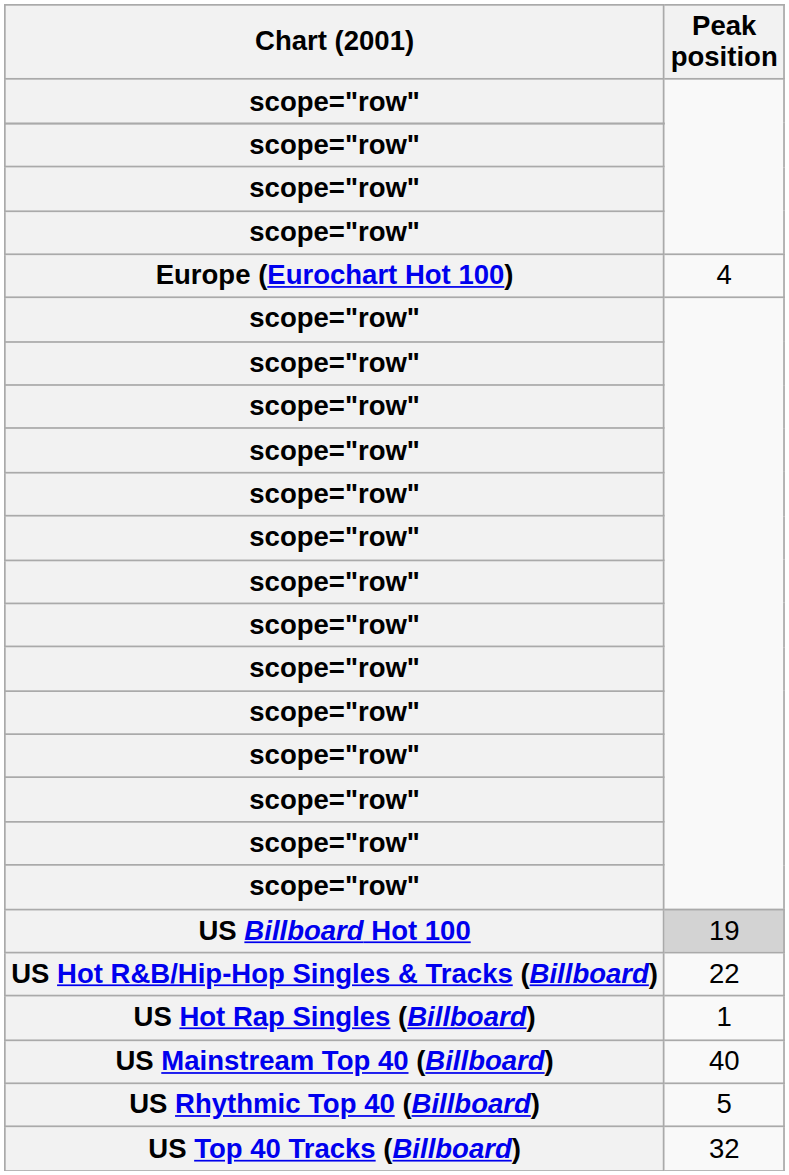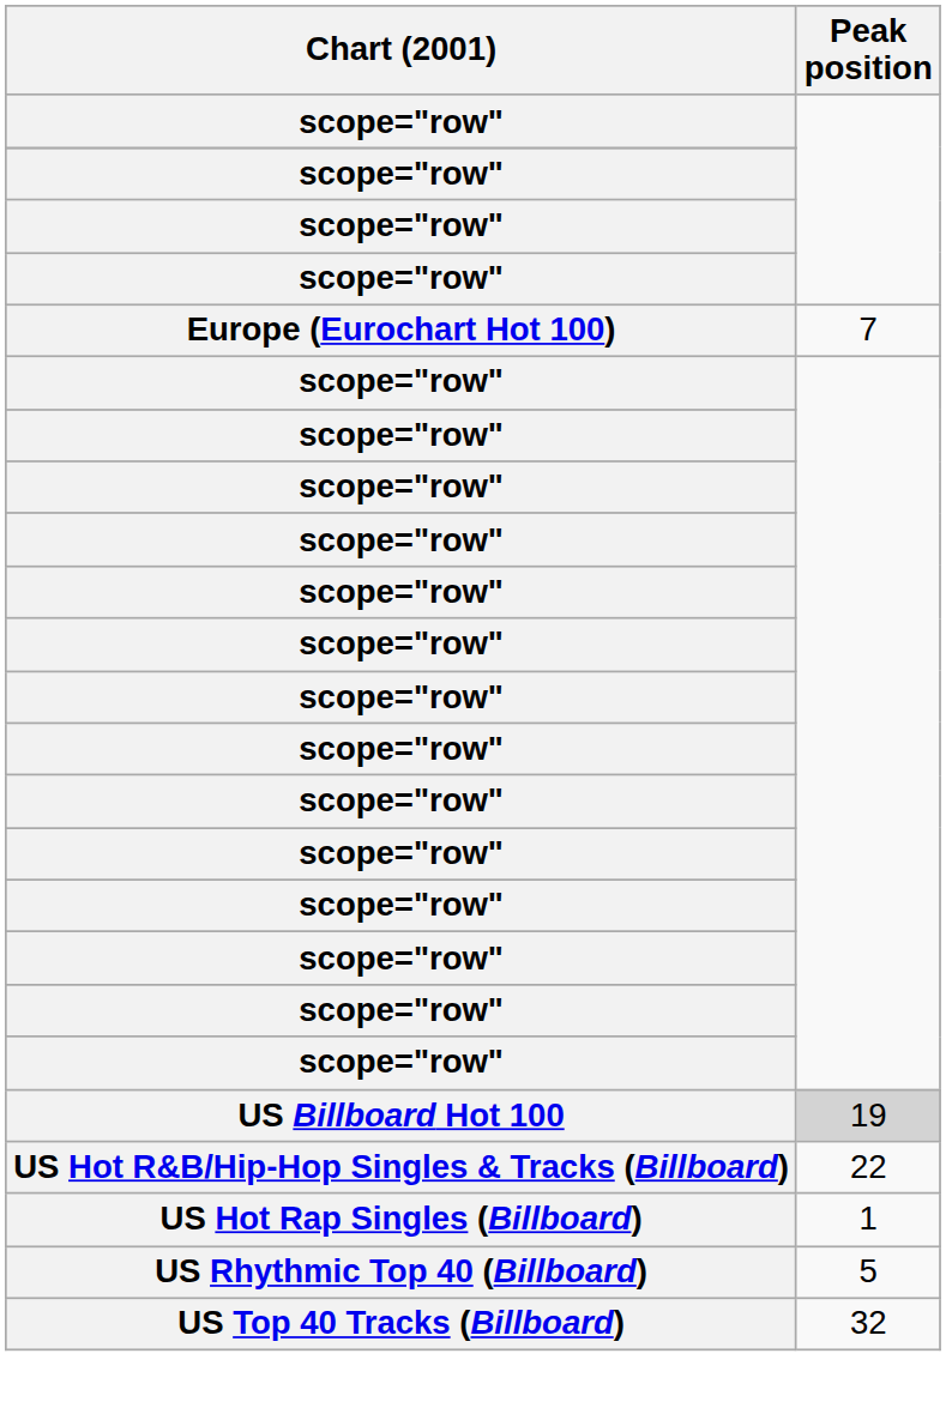 <table class="wikitable sortable plainrowheaders" style="text-align:center">
 <tr>
 <th scope="col">Chart (2001)</th>
 <th scope="col">Peak<br>position</th>
 </tr>
 <tr>
 <th>scope="row"</th>
 </tr>
 <tr>
 </tr>
 <tr>
 <th>scope="row"</th>
 </tr>
 <tr>
 <th>scope="row"</th>
 </tr>
 <tr>
 <th>scope="row"</th>
 </tr>
 <tr>
 <th scope="row">Europe (<a href='#'>Eurochart Hot 100</a>)</th>
-<td>4</td>
+<td>7</td>
 </tr>
 <tr>
 <th>scope="row"</th>
 </tr>
 <tr>
 <th>scope="row"</th>
 </tr>
 <tr>
 <th>scope="row"</th>
 </tr>
 <tr>
 <th>scope="row"</th>
 </tr>
 <tr>
 <th>scope="row"</th>
 </tr>
 <tr>
 <th>scope="row"</th>
 </tr>
 <tr>
 <th>scope="row"</th>
 </tr>
 <tr>
 <th>scope="row"</th>
 </tr>
 <tr>
 <th>scope="row"</th>
 </tr>
 <tr>
 <th>scope="row"</th>
 </tr>
 <tr>
 <th>scope="row"</th>
 </tr>
 <tr>
 <th>scope="row"</th>
 </tr>
 <tr>
 <th>scope="row"</th>
 </tr>
 <tr>
 <th>scope="row"</th>
 </tr>
 <tr>
 <th scope="row">US <a href='#'><em>Billboard</em> Hot 100</a></th>
 <td style="background: lightgrey;">19</td>
 </tr>
 <tr>
 <th scope="row">US <a href='#'>Hot R&B/Hip-Hop Singles & Tracks</a> (<a href='#'><em>Billboard</em></a>)</th>
 <td>22</td>
 </tr>
 <tr>
 <th scope="row">US <a href='#'>Hot Rap Singles</a> (<a href='#'><em>Billboard</em></a>)</th>
 <td>1</td>
 </tr>
 <tr>
-<th scope="row">US <a href='#'>Mainstream Top 40</a> (<a href='#'><em>Billboard</em></a>)</th>
-<td>40</td>
-</tr>
-<tr>
 <th scope="row">US <a href='#'>Rhythmic Top 40</a> (<a href='#'><em>Billboard</em></a>)</th>
 <td>5</td>
 </tr>
 <tr>
 <th scope="row">US <a href='#'>Top 40 Tracks</a> (<a href='#'><em>Billboard</em></a>)</th>
 <td>32</td>
 </tr>
 </table>
